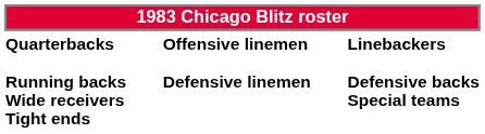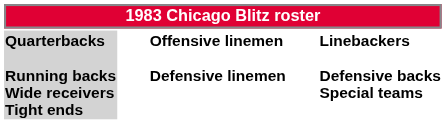 <table class="toccolours" style="text-align: left;">
 <tr>
 <th colspan="7" style="background:#E00034; border:2px solid #85888B; color:white; text-align:center;">1983 Chicago Blitz roster</th>
 </tr>
 <tr>
-<td style="font-size:95%; vertical-align:top;"><strong>Quarterbacks</strong><br>    <br><strong>Running backs</strong>        <br><strong>Wide receivers</strong>     <br><strong>Tight ends</strong>   </td>
+<td style="background: lightgrey; font-size:95%; vertical-align:top;"><strong>Quarterbacks</strong><br>    <br><strong>Running backs</strong>        <br><strong>Wide receivers</strong>     <br><strong>Tight ends</strong>   </td>
 <td style="width: 25px;"></td>
 <td style="font-size:95%; vertical-align:top;"><strong>Offensive linemen</strong><br>                <br><strong>Defensive linemen</strong>         </td>
 <td style="width: 25px;"></td>
 <td style="font-size:95%; vertical-align:top;"><strong>Linebackers</strong><br>       <br><strong>Defensive backs</strong>         <br><strong>Special teams</strong>   </td>
 </tr>
 </table>
